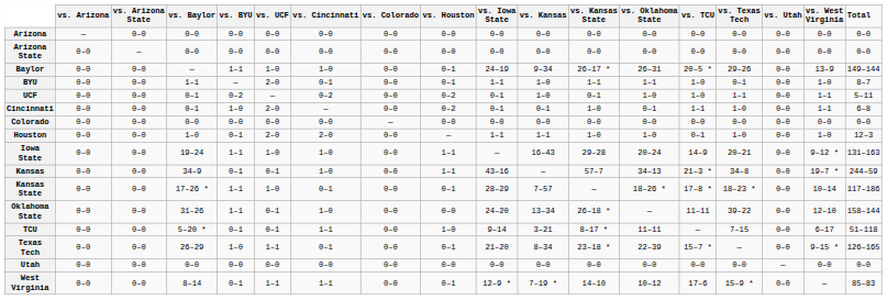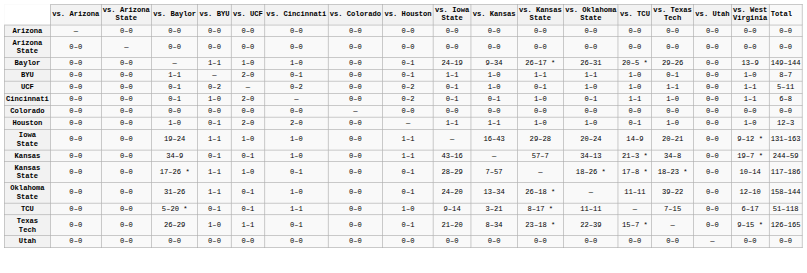 <table class="wikitable" style="white-space:nowrap; font-size:90%">
 <tr>
 <th colspan="1" style="background:white; border-top-style:hidden; border-left-style:hidden;" width="75"></th>
 <th>vs. Arizona</th>
 <th>vs. Arizona<br>State</th>
 <th>vs. Baylor</th>
 <th>vs. BYU</th>
 <th>vs. UCF</th>
 <th>vs. Cincinnati</th>
 <th>vs. Colorado</th>
 <th>vs. Houston</th>
 <th>vs. Iowa<br>State</th>
 <th>vs. Kansas</th>
 <th>vs. Kansas<br>State</th>
 <th>vs. Oklahoma<br>State</th>
 <th>vs. TCU</th>
 <th>vs. Texas<br>Tech</th>
 <th>vs. Utah</th>
 <th>vs. West<br>Virginia</th>
 <td><strong>Total</strong></td>
 </tr>
 <tr>
 <th>Arizona</th>
 <td style="text-align: center;">—</td>
 <td style="text-align: center;">0–0</td>
 <td style="text-align: center;">0–0</td>
 <td style="text-align: center;">0–0</td>
 <td style="text-align: center;">0–0</td>
 <td style="text-align: center;">0–0</td>
 <td style="text-align: center;">0–0</td>
 <td style="text-align: center;">0–0</td>
 <td style="text-align: center;">0–0</td>
 <td style="text-align: center;">0–0</td>
 <td style="text-align: center;">0–0</td>
 <td style="text-align: center;">0–0</td>
 <td style="text-align: center;">0–0</td>
 <td style="text-align: center;">0–0</td>
 <td style="text-align: center;">0–0</td>
 <td style="text-align: center;">0–0</td>
 <td style="text-align: center;">0–0</td>
 </tr>
 <tr>
 <th>Arizona<br>State</th>
 <td style="text-align: center;">0–0</td>
 <td style="text-align: center;">—</td>
 <td style="text-align: center;">0–0</td>
 <td style="text-align: center;">0–0</td>
 <td style="text-align: center;">0–0</td>
 <td style="text-align: center;">0–0</td>
 <td style="text-align: center;">0–0</td>
 <td style="text-align: center;">0–0</td>
 <td style="text-align: center;">0–0</td>
 <td style="text-align: center;">0–0</td>
 <td style="text-align: center;">0–0</td>
 <td style="text-align: center;">0–0</td>
 <td style="text-align: center;">0–0</td>
 <td style="text-align: center;">0–0</td>
 <td style="text-align: center;">0–0</td>
 <td style="text-align: center;">0–0</td>
 <td style="text-align: center;">0–0</td>
 </tr>
 <tr>
 <th>Baylor</th>
 <td style="text-align: center;">0–0</td>
 <td style="text-align: center;">0–0</td>
 <td style="text-align: center;">—</td>
 <td style="text-align: center;">1–1</td>
 <td style="text-align: center;">1–0</td>
 <td style="text-align: center;">1–0</td>
 <td style="text-align: center;">0–0</td>
 <td style="text-align: center;">0–1</td>
 <td style="text-align: center;">24–19</td>
 <td style="text-align: center;">9–34</td>
 <td style="text-align: center;">26–17 *</td>
 <td style="text-align: center;">26–31</td>
 <td style="text-align: center;">20–5 *</td>
 <td style="text-align: center;">29–26</td>
 <td style="text-align: center;">0–0</td>
 <td style="text-align: center;">13–9</td>
 <td style="text-align: center;">149–144</td>
 </tr>
 <tr>
 <th>BYU</th>
 <td style="text-align: center;">0–0</td>
 <td style="text-align: center;">0–0</td>
 <td style="text-align: center;">1–1</td>
 <td style="text-align: center;">—</td>
 <td style="text-align: center;">2–0</td>
 <td style="text-align: center;">0–1</td>
 <td style="text-align: center;">0–0</td>
 <td style="text-align: center;">0–1</td>
 <td style="text-align: center;">1–1</td>
 <td style="text-align: center;">1–0</td>
 <td style="text-align: center;">1–1</td>
 <td style="text-align: center;">1–1</td>
 <td style="text-align: center;">1–0</td>
 <td style="text-align: center;">0–1</td>
 <td style="text-align: center;">0–0</td>
 <td style="text-align: center;">1–0</td>
 <td style="text-align: center;">8–7</td>
 </tr>
 <tr>
 <th>UCF</th>
 <td style="text-align: center;">0–0</td>
 <td style="text-align: center;">0–0</td>
 <td style="text-align: center;">0–1</td>
 <td style="text-align: center;">0–2</td>
 <td style="text-align: center;">—</td>
 <td style="text-align: center;">0–2</td>
 <td style="text-align: center;">0–0</td>
 <td style="text-align: center;">0–2</td>
 <td style="text-align: center;">0–1</td>
 <td style="text-align: center;">1–0</td>
 <td style="text-align: center;">0–1</td>
 <td style="text-align: center;">1–0</td>
 <td style="text-align: center;">1–0</td>
 <td style="text-align: center;">1–1</td>
 <td style="text-align: center;">0–0</td>
 <td style="text-align: center;">1–1</td>
 <td style="text-align: center;">5–11</td>
 </tr>
 <tr>
 <th>Cincinnati</th>
 <td style="text-align: center;">0–0</td>
 <td style="text-align: center;">0–0</td>
 <td style="text-align: center;">0–1</td>
 <td style="text-align: center;">1–0</td>
 <td style="text-align: center;">2–0</td>
 <td style="text-align: center;">—</td>
 <td style="text-align: center;">0–0</td>
 <td style="text-align: center;">0–2</td>
 <td style="text-align: center;">0–1</td>
 <td style="text-align: center;">0–1</td>
 <td style="text-align: center;">1–0</td>
 <td style="text-align: center;">0–1</td>
 <td style="text-align: center;">1–1</td>
 <td style="text-align: center;">1–0</td>
 <td style="text-align: center;">0–0</td>
 <td style="text-align: center;">1–1</td>
 <td style="text-align: center;">6–8</td>
 </tr>
 <tr>
 <th>Colorado</th>
 <td style="text-align: center;">0–0</td>
 <td style="text-align: center;">0–0</td>
 <td style="text-align: center;">0–0</td>
 <td style="text-align: center;">0–0</td>
 <td style="text-align: center;">0–0</td>
 <td style="text-align: center;">0–0</td>
 <td style="text-align: center;">—</td>
 <td style="text-align: center;">0–0</td>
 <td style="text-align: center;">0–0</td>
 <td style="text-align: center;">0–0</td>
 <td style="text-align: center;">0–0</td>
 <td style="text-align: center;">0–0</td>
 <td style="text-align: center;">0–0</td>
 <td style="text-align: center;">0–0</td>
 <td style="text-align: center;">0–0</td>
 <td style="text-align: center;">0–0</td>
 <td style="text-align: center;">0–0</td>
 </tr>
 <tr>
 <th>Houston</th>
 <td style="text-align: center;">0–0</td>
 <td style="text-align: center;">0–0</td>
 <td style="text-align: center;">1–0</td>
 <td style="text-align: center;">0–1</td>
 <td style="text-align: center;">2–0</td>
 <td style="text-align: center;">2–0</td>
 <td style="text-align: center;">0–0</td>
 <td style="text-align: center;">—</td>
 <td style="text-align: center;">1–1</td>
 <td style="text-align: center;">1–1</td>
 <td style="text-align: center;">1–0</td>
 <td style="text-align: center;">1–0</td>
 <td style="text-align: center;">0–1</td>
 <td style="text-align: center;">1–0</td>
 <td style="text-align: center;">0–0</td>
 <td style="text-align: center;">1–0</td>
 <td style="text-align: center;">12–3</td>
 </tr>
 <tr>
 <th>Iowa<br>State</th>
 <td style="text-align: center;">0–0</td>
 <td style="text-align: center;">0–0</td>
 <td style="text-align: center;">19–24</td>
 <td style="text-align: center;">1–1</td>
 <td style="text-align: center;">1–0</td>
 <td style="text-align: center;">1–0</td>
 <td style="text-align: center;">0–0</td>
 <td style="text-align: center;">1–1</td>
 <td style="text-align: center;">—</td>
 <td style="text-align: center;">16–43</td>
 <td style="text-align: center;">29–28</td>
 <td style="text-align: center;">20–24</td>
 <td style="text-align: center;">14–9</td>
 <td style="text-align: center;">20–21</td>
 <td style="text-align: center;">0–0</td>
 <td style="text-align: center;">9–12 *</td>
 <td style="text-align: center;">131–163</td>
 </tr>
 <tr>
 <th>Kansas</th>
 <td style="text-align: center;">0–0</td>
 <td style="text-align: center;">0–0</td>
 <td style="text-align: center;">34–9</td>
 <td style="text-align: center;">0–1</td>
 <td style="text-align: center;">0–1</td>
 <td style="text-align: center;">1–0</td>
 <td style="text-align: center;">0–0</td>
 <td style="text-align: center;">1–1</td>
 <td style="text-align: center;">43–16</td>
 <td style="text-align: center;">—</td>
 <td style="text-align: center;">57–7</td>
 <td style="text-align: center;">34–13</td>
 <td style="text-align: center;">21–3 *</td>
 <td style="text-align: center;">34–8</td>
 <td style="text-align: center;">0–0</td>
 <td style="text-align: center;">19–7 *</td>
 <td style="text-align: center;">244–59</td>
 </tr>
 <tr>
 <th>Kansas<br>State</th>
 <td style="text-align: center;">0–0</td>
 <td style="text-align: center;">0–0</td>
 <td style="text-align: center;">17–26 *</td>
 <td style="text-align: center;">1–1</td>
 <td style="text-align: center;">1–0</td>
 <td style="text-align: center;">0–1</td>
 <td style="text-align: center;">0–0</td>
 <td style="text-align: center;">0–1</td>
 <td style="text-align: center;">28–29</td>
 <td style="text-align: center;">7–57</td>
 <td style="text-align: center;">—</td>
 <td style="text-align: center;">18–26 *</td>
 <td style="text-align: center;">17–8 *</td>
 <td style="text-align: center;">18–23 *</td>
 <td style="text-align: center;">0–0</td>
 <td style="text-align: center;">10–14</td>
 <td style="text-align: center;">117–186</td>
 </tr>
 <tr>
 <th>Oklahoma<br>State</th>
 <td style="text-align: center;">0–0</td>
 <td style="text-align: center;">0–0</td>
 <td style="text-align: center;">31–26</td>
 <td style="text-align: center;">1–1</td>
 <td style="text-align: center;">0–1</td>
 <td style="text-align: center;">1–0</td>
 <td style="text-align: center;">0–0</td>
-<td style="text-align: center;">0–0</td>
+<td style="text-align: center;">0–1</td>
 <td style="text-align: center;">24–20</td>
 <td style="text-align: center;">13–34</td>
 <td style="text-align: center;">26–18 *</td>
 <td style="text-align: center;">—</td>
 <td style="text-align: center;">11–11</td>
 <td style="text-align: center;">39–22</td>
 <td style="text-align: center;">0–0</td>
 <td style="text-align: center;">12–10</td>
 <td style="text-align: center;">158–144</td>
 </tr>
 <tr>
 <th>TCU</th>
 <td style="text-align: center;">0–0</td>
 <td style="text-align: center;">0–0</td>
 <td style="text-align: center;">5–20 *</td>
 <td style="text-align: center;">0–1</td>
 <td style="text-align: center;">0–1</td>
 <td style="text-align: center;">1–1</td>
 <td style="text-align: center;">0–0</td>
 <td style="text-align: center;">1–0</td>
 <td style="text-align: center;">9–14</td>
 <td style="text-align: center;">3–21</td>
 <td style="text-align: center;">8–17 *</td>
 <td style="text-align: center;">11–11</td>
 <td style="text-align: center;">—</td>
 <td style="text-align: center;">7–15</td>
 <td style="text-align: center;">0–0</td>
 <td style="text-align: center;">6–17</td>
 <td style="text-align: center;">51–118</td>
 </tr>
 <tr>
 <th>Texas<br>Tech</th>
 <td style="text-align: center;">0–0</td>
 <td style="text-align: center;">0–0</td>
 <td style="text-align: center;">26–29</td>
 <td style="text-align: center;">1–0</td>
 <td style="text-align: center;">1–1</td>
 <td style="text-align: center;">0–1</td>
 <td style="text-align: center;">0–0</td>
 <td style="text-align: center;">0–1</td>
 <td style="text-align: center;">21–20</td>
 <td style="text-align: center;">8–34</td>
 <td style="text-align: center;">23–18 *</td>
 <td style="text-align: center;">22–39</td>
 <td style="text-align: center;">15–7 *</td>
 <td style="text-align: center;">—</td>
 <td style="text-align: center;">0–0</td>
 <td style="text-align: center;">9–15 *</td>
 <td style="text-align: center;">126–165</td>
 </tr>
 <tr>
 <th>Utah</th>
 <td style="text-align: center;">0–0</td>
 <td style="text-align: center;">0–0</td>
 <td style="text-align: center;">0–0</td>
 <td style="text-align: center;">0–0</td>
 <td style="text-align: center;">0–0</td>
 <td style="text-align: center;">0–0</td>
 <td style="text-align: center;">0–0</td>
 <td style="text-align: center;">0–0</td>
 <td style="text-align: center;">0–0</td>
 <td style="text-align: center;">0–0</td>
 <td style="text-align: center;">0–0</td>
 <td style="text-align: center;">0–0</td>
 <td style="text-align: center;">0–0</td>
 <td style="text-align: center;">0–0</td>
 <td style="text-align: center;">—</td>
 <td style="text-align: center;">0–0</td>
 <td style="text-align: center;">0–0</td>
 </tr>
-<tr>
-<th>West<br>Virginia</th>
-<td style="text-align: center;">0–0</td>
-<td style="text-align: center;">0–0</td>
-<td style="text-align: center;">8–14</td>
-<td style="text-align: center;">0–1</td>
-<td style="text-align: center;">1–1</td>
-<td style="text-align: center;">1–1</td>
-<td style="text-align: center;">0–0</td>
-<td style="text-align: center;">0–1</td>
-<td style="text-align: center;">12–9 *</td>
-<td style="text-align: center;">7–19 *</td>
-<td style="text-align: center;">14–10</td>
-<td style="text-align: center;">10–12</td>
-<td style="text-align: center;">17–6</td>
-<td style="text-align: center;">15–9 *</td>
-<td style="text-align: center;">0–0</td>
-<td style="text-align: center;">—</td>
-<td style="text-align: center;">85–83</td>
-</tr>
 </table>
